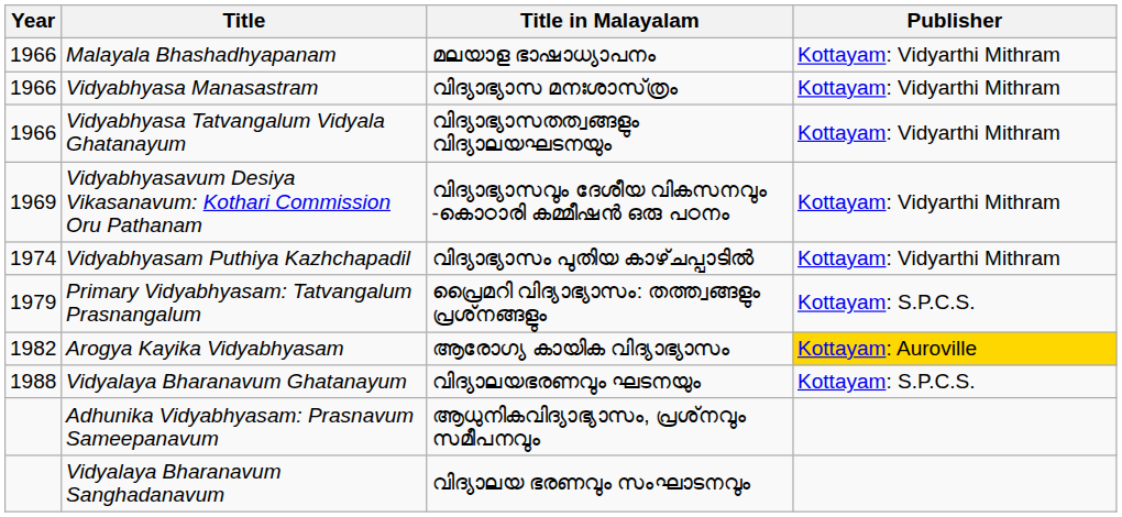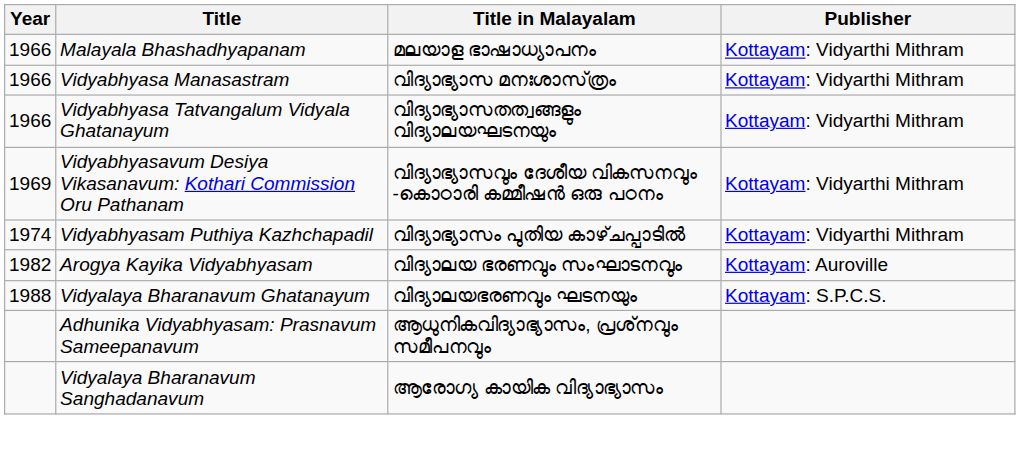 <table class="wikitable">
 <tr>
 <th>Year</th>
 <th ! style=width:17em>Title</th>
 <th ! style=width:17em>Title in Malayalam</th>
 <th ! style=width:15em>Publisher</th>
 </tr>
 <tr>
 <td>1966</td>
 <td><em>Malayala Bhashadhyapanam</em></td>
 <td>മലയാള ഭാഷാധ്യാപനം</td>
 <td><a href='#'>Kottayam</a>: Vidyarthi Mithram</td>
 </tr>
 <tr>
 <td>1966</td>
 <td><em>Vidyabhyasa Manasastram</em></td>
 <td>വിദ്യാഭ്യാസ മനഃശാസ്‌ത്രം</td>
 <td><a href='#'>Kottayam</a>: Vidyarthi Mithram</td>
 </tr>
 <tr>
 <td>1966</td>
 <td><em>Vidyabhyasa Tatvangalum Vidyala Ghatanayum</em></td>
 <td>വിദ്യാഭ്യാസതത്വങ്ങളും വിദ്യാലയഘടനയും</td>
 <td><a href='#'>Kottayam</a>: Vidyarthi Mithram</td>
 </tr>
 <tr>
 <td>1969</td>
 <td><em>Vidyabhyasavum Desiya Vikasanavum: <a href='#'>Kothari Commission</a> Oru Pathanam</em></td>
 <td>വിദ്യാഭ്യാസവും ദേശീയ വികസനവും -കൊഠാരി കമ്മീഷൻ ഒരു പഠനം</td>
 <td><a href='#'>Kottayam</a>: Vidyarthi Mithram</td>
 </tr>
 <tr>
 <td>1974</td>
 <td><em>Vidyabhyasam Puthiya Kazhchapadil</em></td>
 <td>വിദ്യാഭ്യാസം പുതിയ കാഴ്‌ചപ്പാടിൽ</td>
 <td><a href='#'>Kottayam</a>: Vidyarthi Mithram</td>
 </tr>
 <tr>
-<td>1979</td>
-<td><em>Primary Vidyabhyasam: Tatvangalum Prasnangalum</em></td>
-<td>പ്രൈമറി വിദ്യാഭ്യാസം: തത്ത്വങ്ങളും പ്രശ്‌നങ്ങളും</td>
-<td><a href='#'>Kottayam</a>: S.P.C.S.</td>
-</tr>
-<tr>
 <td>1982</td>
 <td><em>Arogya Kayika Vidyabhyasam</em></td>
-<td>ആരോഗ്യ കായിക വിദ്യാഭ്യാസം</td>
-<td style="background: gold;"><a href='#'>Kottayam</a>: Auroville</td>
+<td>വിദ്യാലയ ഭരണവും സംഘാടനവും</td>
+<td><a href='#'>Kottayam</a>: Auroville</td>
 </tr>
 <tr>
 <td>1988</td>
 <td><em>Vidyalaya Bharanavum Ghatanayum</em></td>
 <td>വിദ്യാലയഭരണവും ഘടനയും</td>
 <td><a href='#'>Kottayam</a>: S.P.C.S.</td>
 </tr>
 <tr>
 <td></td>
 <td><em>Adhunika Vidyabhyasam: Prasnavum Sameepanavum</em></td>
 <td>ആധുനികവിദ്യാഭ്യാസം, പ്രശ്‌നവും സമീപനവും</td>
 <td></td>
 </tr>
 <tr>
 <td></td>
 <td><em>Vidyalaya Bharanavum Sanghadanavum</em></td>
-<td>വിദ്യാലയ ഭരണവും സംഘാടനവും</td>
+<td>ആരോഗ്യ കായിക വിദ്യാഭ്യാസം</td>
 <td></td>
 </tr>
 </table>
